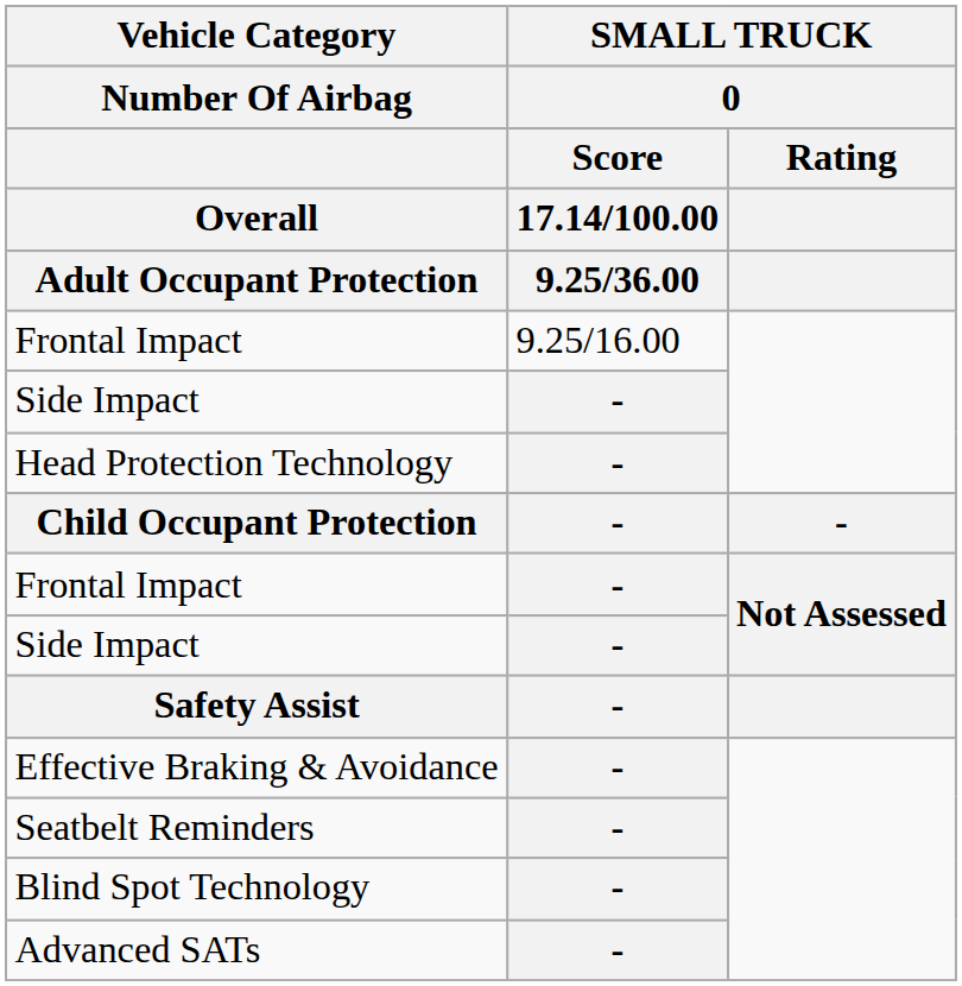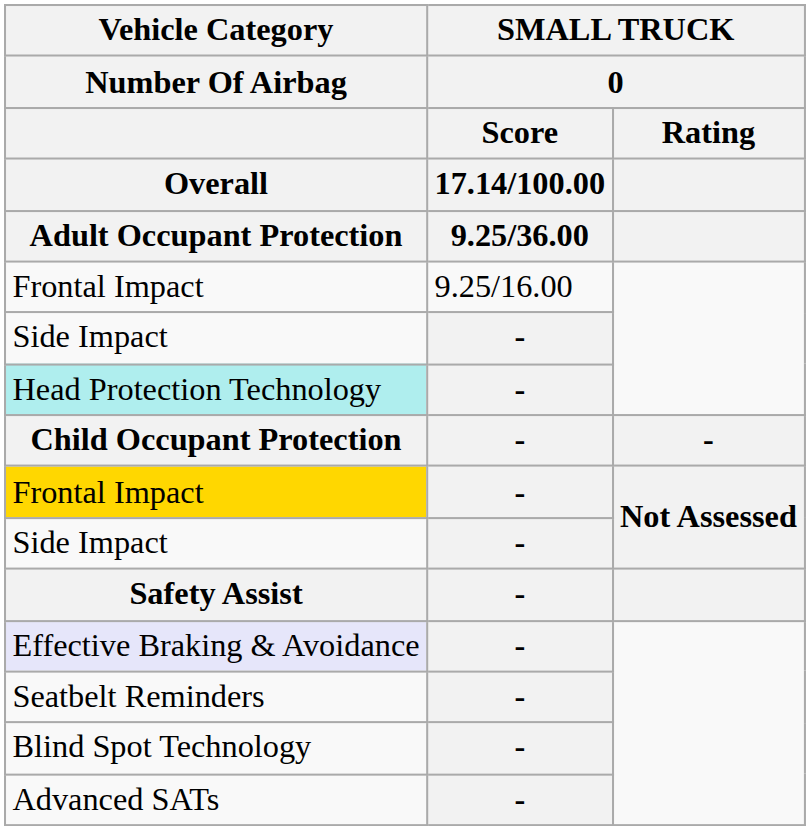 <table class="wikitable">
 <tr>
 <th>Vehicle Category</th>
 <th colspan="2">SMALL TRUCK</th>
 </tr>
 <tr>
 <th>Number Of Airbag</th>
 <th colspan="2">0</th>
 </tr>
 <tr>
 <th></th>
 <th>Score</th>
 <th>Rating</th>
 </tr>
 <tr>
 <th>Overall</th>
 <th>17.14/100.00</th>
 <th></th>
 </tr>
 <tr>
 <th>Adult Occupant Protection</th>
 <th>9.25/36.00</th>
 <th></th>
 </tr>
 <tr>
 <td>Frontal Impact</td>
 <td>9.25/16.00</td>
 <td rowspan="3"></td>
 </tr>
 <tr>
 <td>Side Impact</td>
 <th>-</th>
 </tr>
 <tr>
-<td>Head Protection Technology</td>
+<td style="background: paleturquoise;">Head Protection Technology</td>
 <th>-</th>
 </tr>
 <tr>
 <th>Child Occupant Protection</th>
 <th>-</th>
 <th>-</th>
 </tr>
 <tr>
-<td>Frontal Impact</td>
+<td style="background: gold;">Frontal Impact</td>
 <th>-</th>
 <th rowspan="2">Not Assessed</th>
 </tr>
 <tr>
 <td>Side Impact</td>
 <th>-</th>
 </tr>
 <tr>
 <th>Safety Assist</th>
 <th>-</th>
 <th></th>
 </tr>
 <tr>
-<td>Effective Braking & Avoidance</td>
+<td style="background: lavender;">Effective Braking & Avoidance</td>
 <th>-</th>
 <td rowspan="4"></td>
 </tr>
 <tr>
 <td>Seatbelt Reminders</td>
 <th>-</th>
 </tr>
 <tr>
 <td>Blind Spot Technology</td>
 <th>-</th>
 </tr>
 <tr>
 <td>Advanced SATs</td>
 <th>-</th>
 </tr>
 </table>
